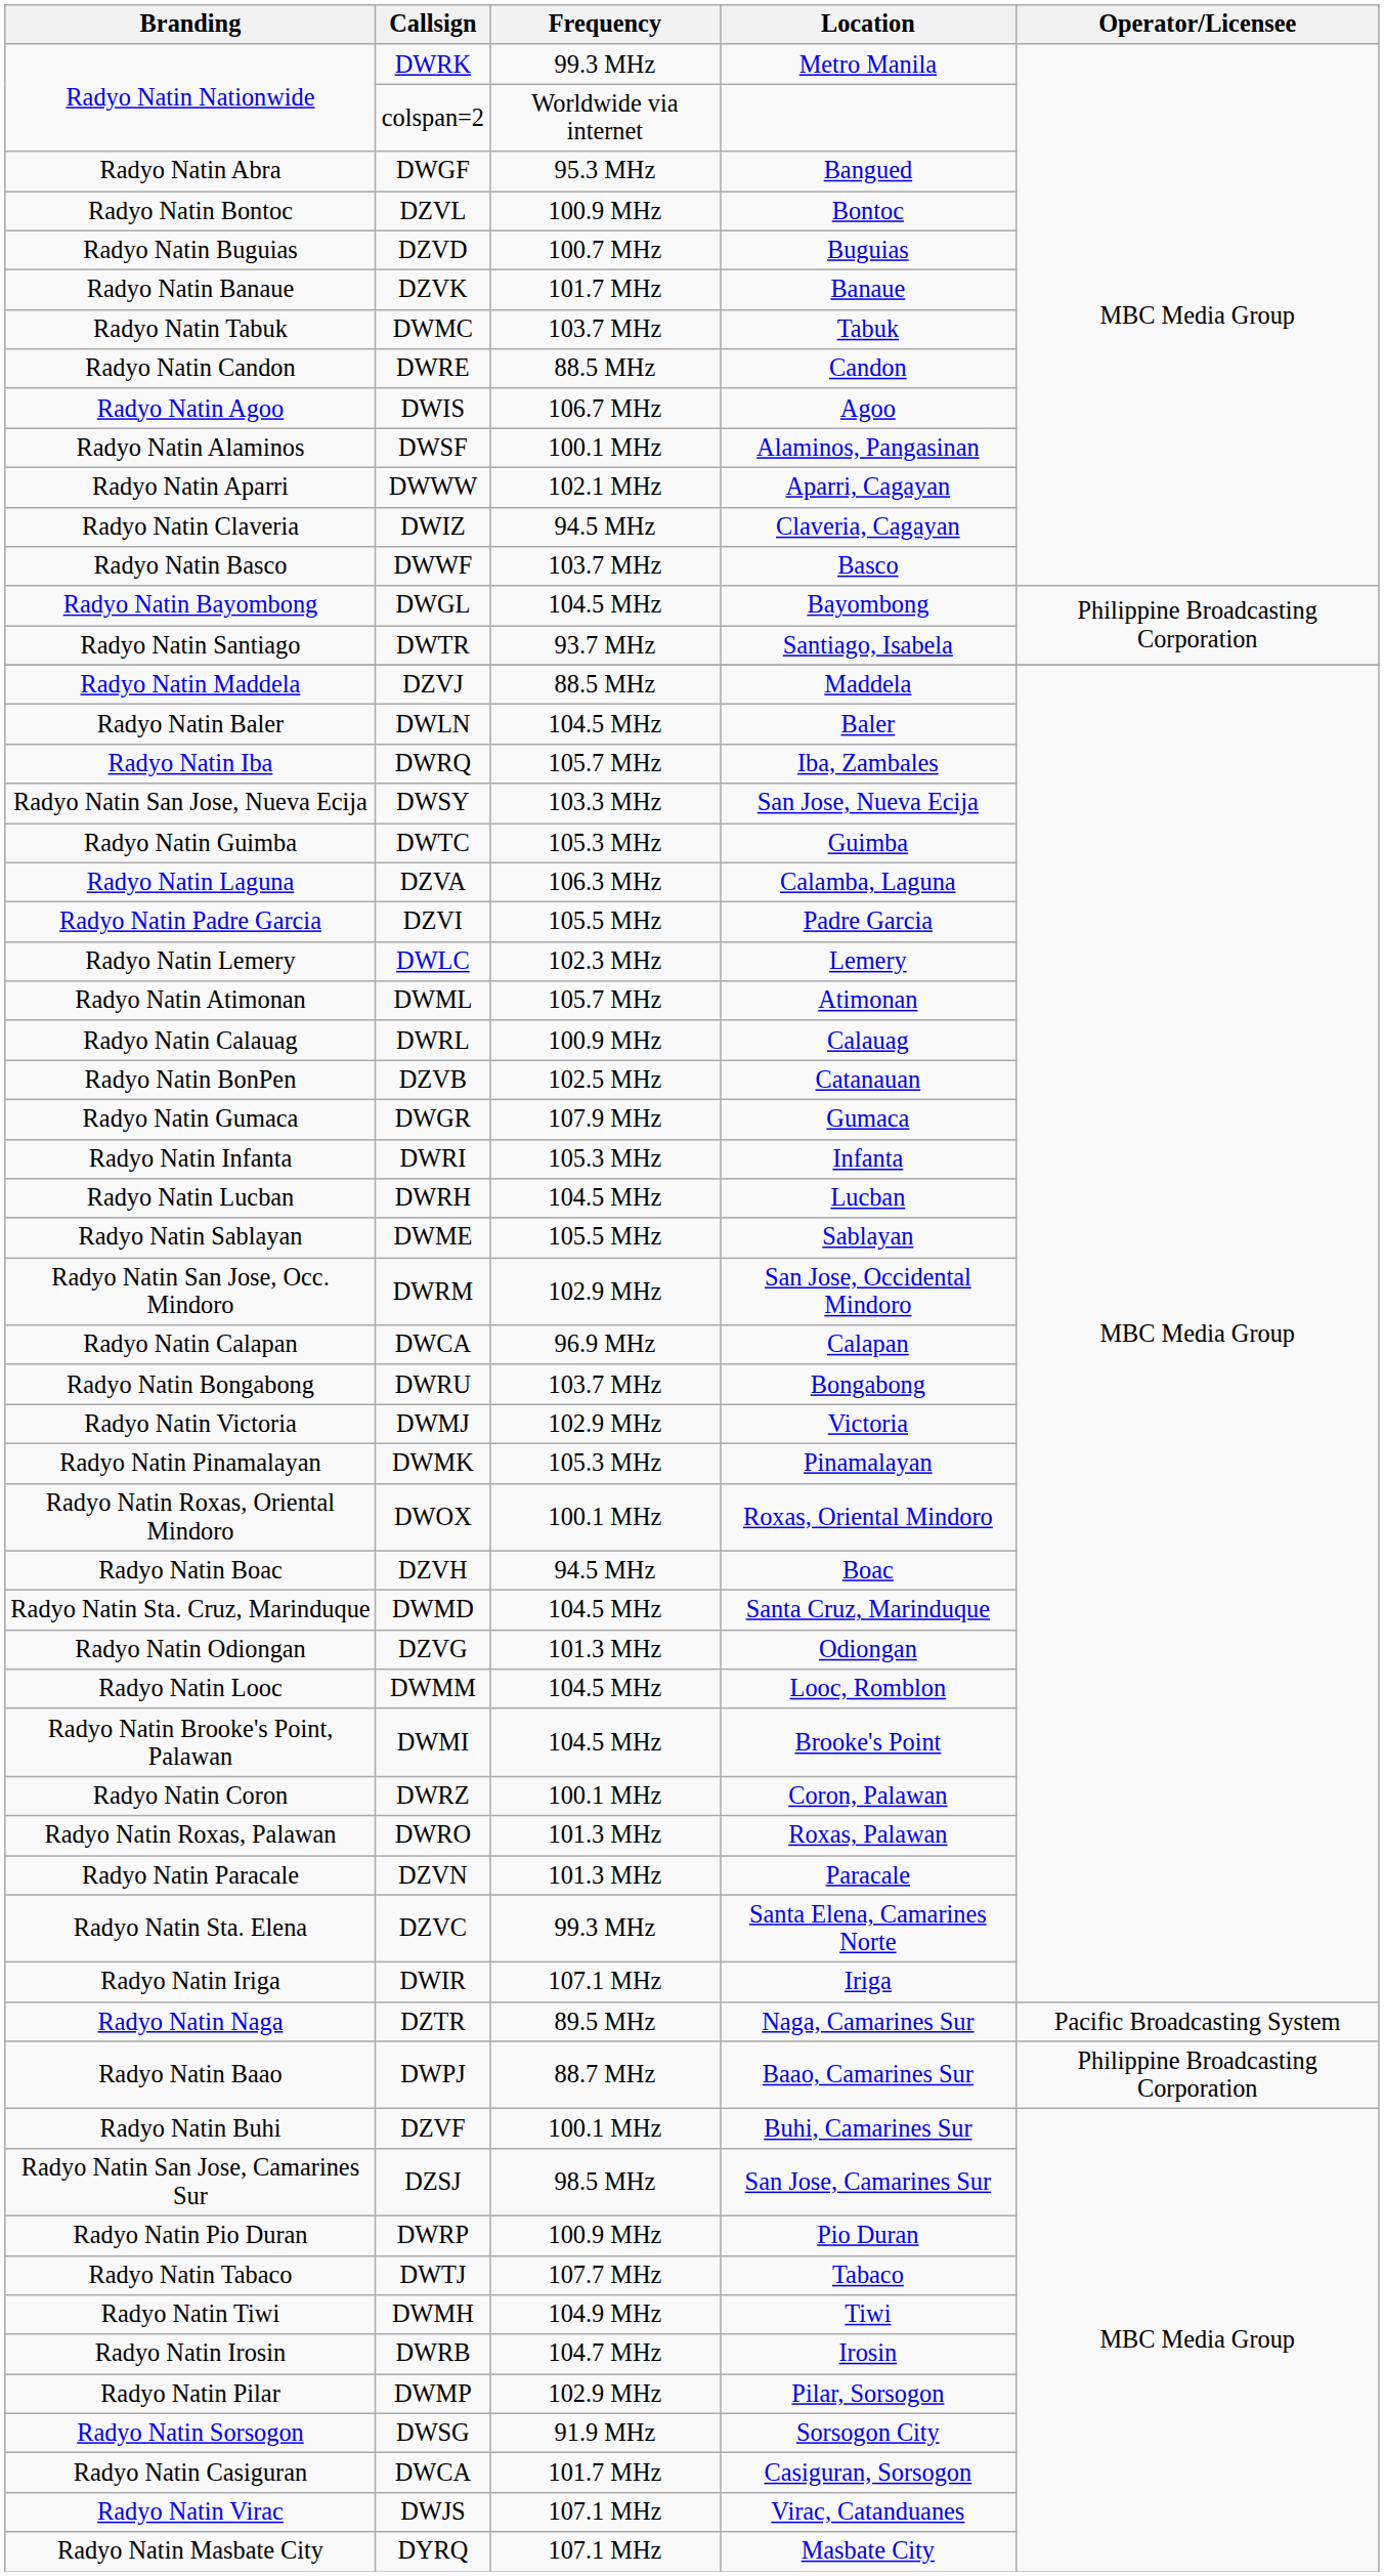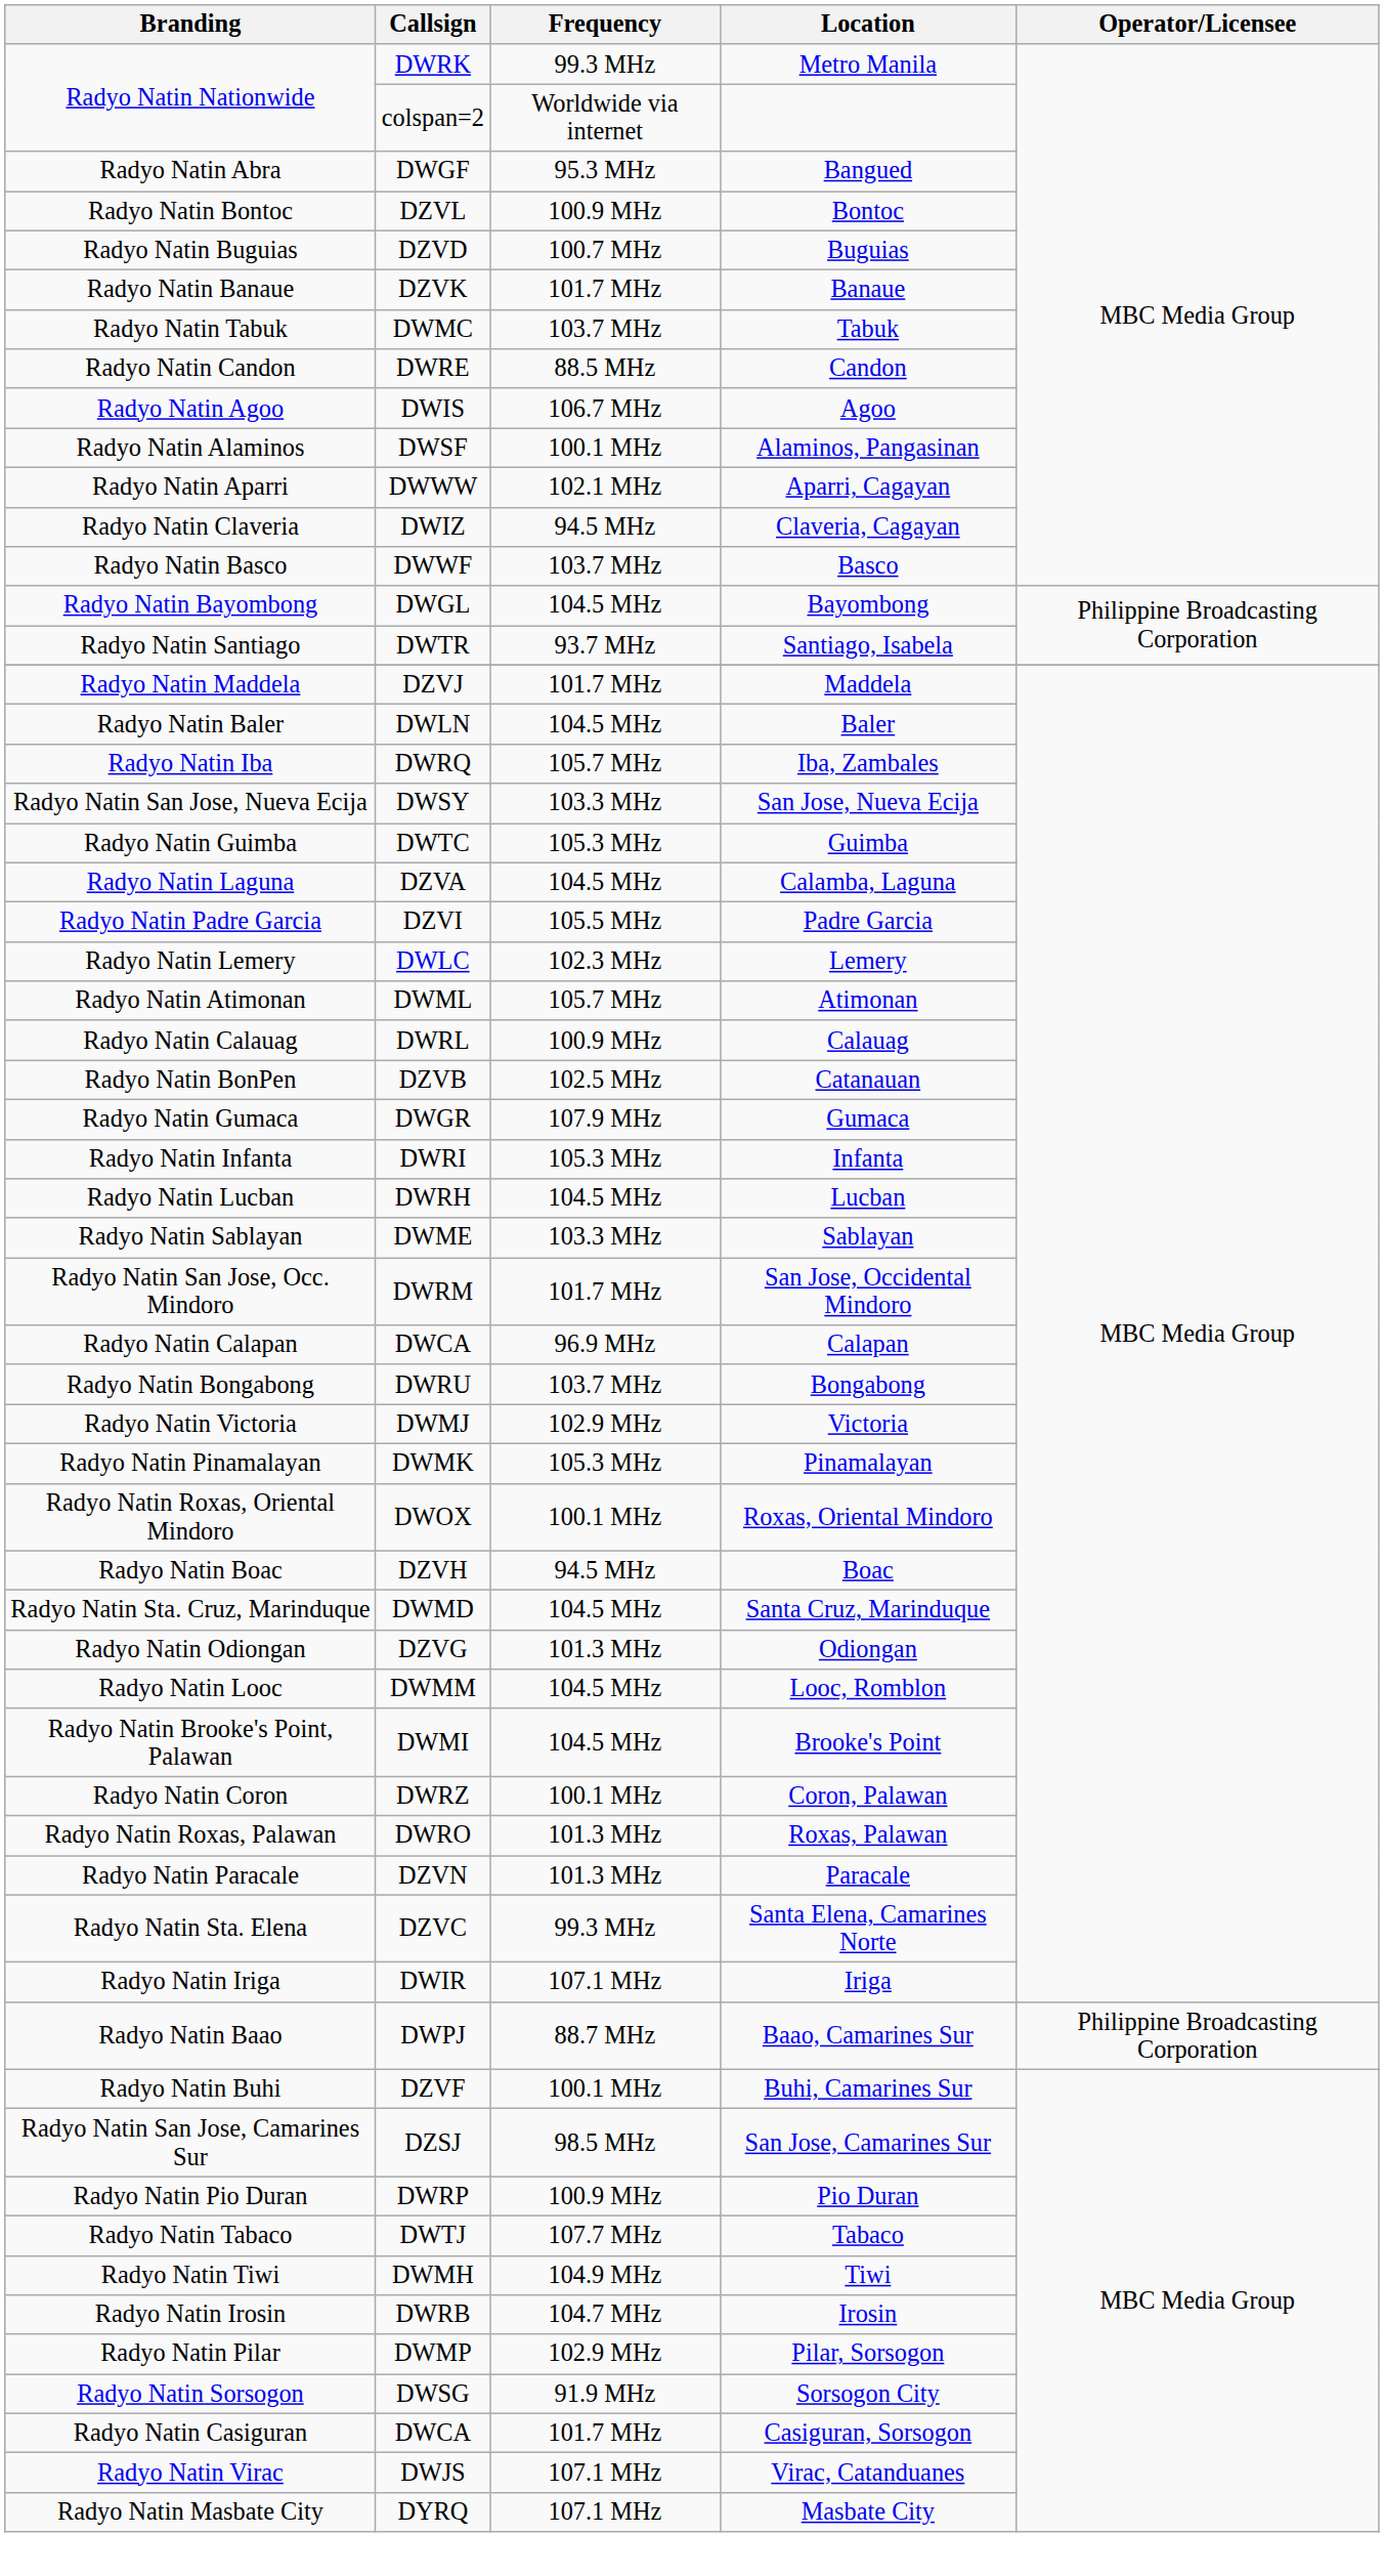 <table class="wikitable" style="width:100%; text-align:center;">
 <tr>
 <th>Branding</th>
 <th>Callsign</th>
 <th>Frequency</th>
 <th>Location</th>
 <th>Operator/Licensee</th>
 </tr>
 <tr>
 <td rowspan=2><a href='#'>Radyo Natin Nationwide</a></td>
 <td><a href='#'>DWRK</a></td>
 <td>99.3 MHz</td>
 <td><a href='#'>Metro Manila</a></td>
 <td rowspan=13>MBC Media Group</td>
 </tr>
 <tr>
 <td>colspan=2 </td>
 <td>Worldwide via internet</td>
 </tr>
 <tr>
 <td>Radyo Natin Abra</td>
 <td>DWGF</td>
 <td>95.3 MHz</td>
 <td><a href='#'>Bangued</a></td>
 </tr>
 <tr>
 <td>Radyo Natin Bontoc</td>
 <td>DZVL</td>
 <td>100.9 MHz</td>
 <td><a href='#'>Bontoc</a></td>
 </tr>
 <tr>
 <td>Radyo Natin Buguias</td>
 <td>DZVD</td>
 <td>100.7 MHz</td>
 <td><a href='#'>Buguias</a></td>
 </tr>
 <tr>
 <td>Radyo Natin Banaue</td>
 <td>DZVK</td>
 <td>101.7 MHz</td>
 <td><a href='#'>Banaue</a></td>
 </tr>
 <tr>
 <td>Radyo Natin Tabuk</td>
 <td>DWMC</td>
 <td>103.7 MHz</td>
 <td><a href='#'>Tabuk</a></td>
 </tr>
 <tr>
 <td>Radyo Natin Candon</td>
 <td>DWRE</td>
 <td>88.5 MHz</td>
 <td><a href='#'>Candon</a></td>
 </tr>
 <tr>
 <td><a href='#'>Radyo Natin Agoo</a></td>
 <td>DWIS</td>
 <td>106.7 MHz</td>
 <td><a href='#'>Agoo</a></td>
 </tr>
 <tr>
 <td>Radyo Natin Alaminos</td>
 <td>DWSF</td>
 <td>100.1 MHz</td>
 <td><a href='#'>Alaminos, Pangasinan</a></td>
 </tr>
 <tr>
 <td>Radyo Natin Aparri</td>
 <td>DWWW</td>
 <td>102.1 MHz</td>
 <td><a href='#'>Aparri, Cagayan</a></td>
 </tr>
 <tr>
 <td>Radyo Natin Claveria</td>
 <td>DWIZ</td>
 <td>94.5 MHz</td>
 <td><a href='#'>Claveria, Cagayan</a></td>
 </tr>
 <tr>
 <td>Radyo Natin Basco</td>
 <td>DWWF</td>
 <td>103.7 MHz</td>
 <td><a href='#'>Basco</a></td>
 </tr>
 <tr>
 <td><a href='#'>Radyo Natin Bayombong</a></td>
 <td>DWGL</td>
 <td>104.5 MHz</td>
 <td><a href='#'>Bayombong</a></td>
 <td rowspan=2>Philippine Broadcasting Corporation</td>
 </tr>
 <tr>
 <td>Radyo Natin Santiago</td>
 <td>DWTR</td>
 <td>93.7 MHz</td>
 <td><a href='#'>Santiago, Isabela</a></td>
 </tr>
 <tr>
 </tr>
 <tr>
 <td><a href='#'>Radyo Natin Maddela</a></td>
 <td>DZVJ</td>
-<td>88.5 MHz</td>
+<td>101.7 MHz</td>
 <td><a href='#'>Maddela</a></td>
 <td rowspan=31>MBC Media Group</td>
 </tr>
 <tr>
 <td>Radyo Natin Baler</td>
 <td>DWLN</td>
 <td>104.5 MHz</td>
 <td><a href='#'>Baler</a></td>
 </tr>
 <tr>
 <td><a href='#'>Radyo Natin Iba</a></td>
 <td>DWRQ</td>
 <td>105.7 MHz</td>
 <td><a href='#'>Iba, Zambales</a></td>
 </tr>
 <tr>
 <td>Radyo Natin San Jose, Nueva Ecija</td>
 <td>DWSY</td>
 <td>103.3 MHz</td>
 <td><a href='#'>San Jose, Nueva Ecija</a></td>
 </tr>
 <tr>
 <td>Radyo Natin Guimba</td>
 <td>DWTC</td>
 <td>105.3 MHz</td>
 <td><a href='#'>Guimba</a></td>
 </tr>
 <tr>
 <td><a href='#'>Radyo Natin Laguna</a></td>
 <td>DZVA</td>
-<td>106.3 MHz</td>
+<td>104.5 MHz</td>
 <td><a href='#'>Calamba, Laguna</a></td>
 </tr>
 <tr>
 <td><a href='#'>Radyo Natin Padre Garcia</a></td>
 <td>DZVI</td>
 <td>105.5 MHz</td>
 <td><a href='#'>Padre Garcia</a></td>
 </tr>
 <tr>
 <td>Radyo Natin Lemery</td>
 <td><a href='#'>DWLC</a></td>
 <td>102.3 MHz</td>
 <td><a href='#'>Lemery</a></td>
 </tr>
 <tr>
 <td>Radyo Natin Atimonan</td>
 <td>DWML</td>
 <td>105.7 MHz</td>
 <td><a href='#'>Atimonan</a></td>
 </tr>
 <tr>
 <td>Radyo Natin Calauag</td>
 <td>DWRL</td>
 <td>100.9 MHz</td>
 <td><a href='#'>Calauag</a></td>
 </tr>
 <tr>
 <td>Radyo Natin BonPen</td>
 <td>DZVB</td>
 <td>102.5 MHz</td>
 <td><a href='#'>Catanauan</a></td>
 </tr>
 <tr>
 <td>Radyo Natin Gumaca</td>
 <td>DWGR</td>
 <td>107.9 MHz</td>
 <td><a href='#'>Gumaca</a></td>
 </tr>
 <tr>
 <td>Radyo Natin Infanta</td>
 <td>DWRI</td>
 <td>105.3 MHz</td>
 <td><a href='#'>Infanta</a></td>
 </tr>
 <tr>
 <td>Radyo Natin Lucban</td>
 <td>DWRH</td>
 <td>104.5 MHz</td>
 <td><a href='#'>Lucban</a></td>
 </tr>
 <tr>
 <td>Radyo Natin Sablayan</td>
 <td>DWME</td>
-<td>105.5 MHz</td>
+<td>103.3 MHz</td>
 <td><a href='#'>Sablayan</a></td>
 </tr>
 <tr>
 <td>Radyo Natin San Jose, Occ. Mindoro</td>
 <td>DWRM</td>
-<td>102.9 MHz</td>
+<td>101.7 MHz</td>
 <td><a href='#'>San Jose, Occidental Mindoro</a></td>
 </tr>
 <tr>
 <td>Radyo Natin Calapan</td>
 <td>DWCA</td>
 <td>96.9 MHz</td>
 <td><a href='#'>Calapan</a></td>
 </tr>
 <tr>
 <td>Radyo Natin Bongabong</td>
 <td>DWRU</td>
 <td>103.7 MHz</td>
 <td><a href='#'>Bongabong</a></td>
 </tr>
 <tr>
 <td>Radyo Natin Victoria</td>
 <td>DWMJ</td>
 <td>102.9 MHz</td>
 <td><a href='#'>Victoria</a></td>
 </tr>
 <tr>
 <td>Radyo Natin Pinamalayan</td>
 <td>DWMK</td>
 <td>105.3 MHz</td>
 <td><a href='#'>Pinamalayan</a></td>
 </tr>
 <tr>
 <td>Radyo Natin Roxas, Oriental Mindoro</td>
 <td>DWOX</td>
 <td>100.1 MHz</td>
 <td><a href='#'>Roxas, Oriental Mindoro</a></td>
 </tr>
 <tr>
 <td>Radyo Natin Boac</td>
 <td>DZVH</td>
 <td>94.5 MHz</td>
 <td><a href='#'>Boac</a></td>
 </tr>
 <tr>
 <td>Radyo Natin Sta. Cruz, Marinduque</td>
 <td>DWMD</td>
 <td>104.5 MHz</td>
 <td><a href='#'>Santa Cruz, Marinduque</a></td>
 </tr>
 <tr>
 <td>Radyo Natin Odiongan</td>
 <td>DZVG</td>
 <td>101.3 MHz</td>
 <td><a href='#'>Odiongan</a></td>
 </tr>
 <tr>
 <td>Radyo Natin Looc</td>
 <td>DWMM</td>
 <td>104.5 MHz</td>
 <td><a href='#'>Looc, Romblon</a></td>
 </tr>
 <tr>
 <td>Radyo Natin Brooke's Point, Palawan</td>
 <td>DWMI</td>
 <td>104.5 MHz</td>
 <td><a href='#'>Brooke's Point</a></td>
 </tr>
 <tr>
 <td>Radyo Natin Coron</td>
 <td>DWRZ</td>
 <td>100.1 MHz</td>
 <td><a href='#'>Coron, Palawan</a></td>
 </tr>
 <tr>
 <td>Radyo Natin Roxas, Palawan</td>
 <td>DWRO</td>
 <td>101.3 MHz</td>
 <td><a href='#'>Roxas, Palawan</a></td>
 </tr>
 <tr>
 <td>Radyo Natin Paracale</td>
 <td>DZVN</td>
 <td>101.3 MHz</td>
 <td><a href='#'>Paracale</a></td>
 </tr>
 <tr>
 <td>Radyo Natin Sta. Elena</td>
 <td>DZVC</td>
 <td>99.3 MHz</td>
 <td><a href='#'>Santa Elena, Camarines Norte</a></td>
 </tr>
 <tr>
 <td>Radyo Natin Iriga</td>
 <td>DWIR</td>
 <td>107.1 MHz</td>
 <td><a href='#'>Iriga</a></td>
 </tr>
 <tr>
-<td><a href='#'>Radyo Natin Naga</a></td>
-<td>DZTR</td>
-<td>89.5 MHz</td>
-<td><a href='#'>Naga, Camarines Sur</a></td>
-<td>Pacific Broadcasting System</td>
-</tr>
-<tr>
 <td>Radyo Natin Baao</td>
 <td>DWPJ</td>
 <td>88.7 MHz</td>
 <td><a href='#'>Baao, Camarines Sur</a></td>
 <td>Philippine Broadcasting Corporation</td>
 </tr>
 <tr>
 <td>Radyo Natin Buhi</td>
 <td>DZVF</td>
 <td>100.1 MHz</td>
 <td><a href='#'>Buhi, Camarines Sur</a></td>
 <td rowspan="11">MBC Media Group</td>
 </tr>
 <tr>
 <td>Radyo Natin San Jose, Camarines Sur</td>
 <td>DZSJ</td>
 <td>98.5 MHz</td>
 <td><a href='#'>San Jose, Camarines Sur</a></td>
 </tr>
 <tr>
 <td>Radyo Natin Pio Duran</td>
 <td>DWRP</td>
 <td>100.9 MHz</td>
 <td><a href='#'>Pio Duran</a></td>
 </tr>
 <tr>
 <td>Radyo Natin Tabaco</td>
 <td>DWTJ</td>
 <td>107.7 MHz</td>
 <td><a href='#'>Tabaco</a></td>
 </tr>
 <tr>
 <td>Radyo Natin Tiwi</td>
 <td>DWMH</td>
 <td>104.9 MHz</td>
 <td><a href='#'>Tiwi</a></td>
 </tr>
 <tr>
 <td>Radyo Natin Irosin</td>
 <td>DWRB</td>
 <td>104.7 MHz</td>
 <td><a href='#'>Irosin</a></td>
 </tr>
 <tr>
 <td>Radyo Natin Pilar</td>
 <td>DWMP</td>
 <td>102.9 MHz</td>
 <td><a href='#'>Pilar, Sorsogon</a></td>
 </tr>
 <tr>
 <td><a href='#'>Radyo Natin Sorsogon</a></td>
 <td>DWSG</td>
 <td>91.9 MHz</td>
 <td><a href='#'>Sorsogon City</a></td>
 </tr>
 <tr>
 <td>Radyo Natin Casiguran</td>
 <td>DWCA</td>
 <td>101.7 MHz</td>
 <td><a href='#'>Casiguran, Sorsogon</a></td>
 </tr>
 <tr>
 <td><a href='#'>Radyo Natin Virac</a></td>
 <td>DWJS</td>
 <td>107.1 MHz</td>
 <td><a href='#'>Virac, Catanduanes</a></td>
 </tr>
 <tr>
 <td>Radyo Natin Masbate City</td>
 <td>DYRQ</td>
 <td>107.1 MHz</td>
 <td><a href='#'>Masbate City</a></td>
 </tr>
 </table>
